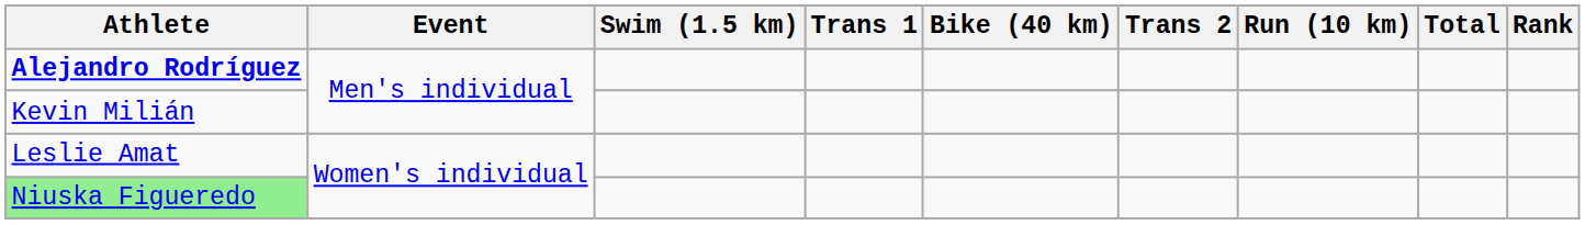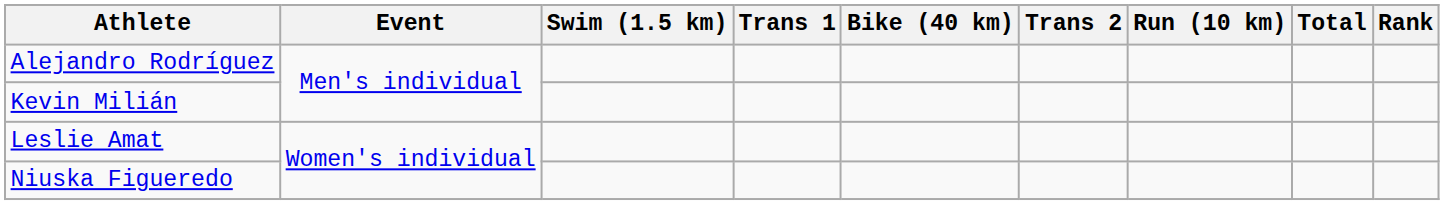 <table class="wikitable" style="font-size:90%">
 <tr>
 <th>Athlete</th>
 <th>Event</th>
 <th>Swim (1.5 km)</th>
 <th>Trans 1</th>
 <th>Bike (40 km)</th>
 <th>Trans 2</th>
 <th>Run (10 km)</th>
 <th>Total</th>
 <th>Rank</th>
 </tr>
 <tr align=center>
-<td align=left><strong><a href='#'>Alejandro Rodríguez</a></strong></td>
+<td align=left><a href='#'>Alejandro Rodríguez</a></td>
 <td rowspan="2"><a href='#'>Men's individual</a></td>
 <td></td>
 <td></td>
 <td></td>
 <td></td>
 <td></td>
 <td></td>
 <td></td>
 </tr>
 <tr align=center>
 <td align=left><a href='#'>Kevin Milián</a></td>
 <td></td>
 <td></td>
 <td></td>
 <td></td>
 <td></td>
 <td></td>
 </tr>
 <tr align=center>
 <td align=left><a href='#'>Leslie Amat</a></td>
 <td rowspan="2"><a href='#'>Women's individual</a></td>
 <td></td>
 <td></td>
 <td></td>
 <td></td>
 <td></td>
 <td></td>
 <td></td>
 </tr>
 <tr align=center>
-<td align=left style="background: lightgreen;"><a href='#'>Niuska Figueredo</a></td>
+<td align=left><a href='#'>Niuska Figueredo</a></td>
 <td></td>
 <td></td>
 <td></td>
 <td></td>
 <td></td>
 <td></td>
 <td></td>
 </tr>
 </table>
